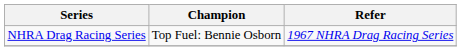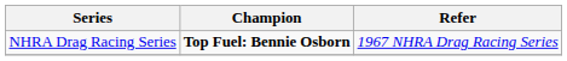 <table class="wikitable" style="font-size:87%;">
 <tr>
 <th>Series</th>
 <th>Champion</th>
 <th>Refer</th>
 </tr>
 <tr>
 <td><a href='#'>NHRA Drag Racing Series</a></td>
-<td>Top Fuel:  Bennie Osborn</td>
+<td><strong>Top Fuel:  Bennie Osborn</strong></td>
 <td><em><a href='#'>1967 NHRA Drag Racing Series</a></em></td>
 </tr>
 <tr>
 </tr>
 </table>
